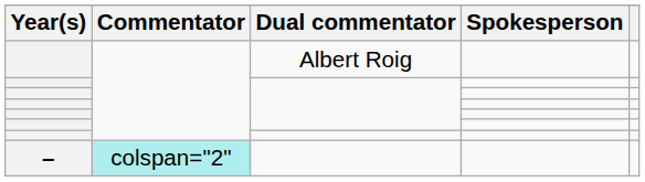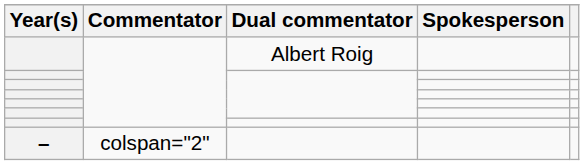 <table class="wikitable plainrowheaders sortable" style="text-align:center">
 <tr>
 </tr>
 <tr>
 <th scope="col">Year(s)</th>
 <th scope="col">Commentator</th>
 <th scope="col">Dual commentator</th>
 <th scope="col">Spokesperson</th>
 <th scope="col" class="unsortable"></th>
 </tr>
 <tr>
 <th scope="row" style="text-align: center;"></th>
 <td rowspan="7"></td>
 <td>Albert Roig</td>
 <td></td>
 <td style="text-align: center;"></td>
 </tr>
 <tr>
 <th scope="row" style="text-align: center;"></th>
 <td rowspan="5"></td>
 <td></td>
 <td style="text-align: center;"></td>
 </tr>
 <tr>
 <th scope="row" style="text-align: center;"></th>
 <td></td>
 <td style="text-align: center;"></td>
 </tr>
 <tr>
 <th scope="row" style="text-align: center;"></th>
 <td></td>
 <td style="text-align: center;"></td>
 </tr>
 <tr>
 <th scope="row" style="text-align: center;"></th>
 <td></td>
 <td style="text-align: center;"></td>
 </tr>
 <tr>
 <th scope="row" style="text-align: center;"></th>
 <td></td>
 <td style="text-align: center;"></td>
 </tr>
 <tr>
 <th scope="row" style="text-align: center;"></th>
 <td></td>
 <td></td>
 <td style="text-align: center;"></td>
 </tr>
 <tr>
 <th scope="row" style="text-align: center;">–</th>
-<td style="background: paleturquoise;">colspan="2" </td>
+<td>colspan="2" </td>
 <td></td>
 <td></td>
 </tr>
 </table>
